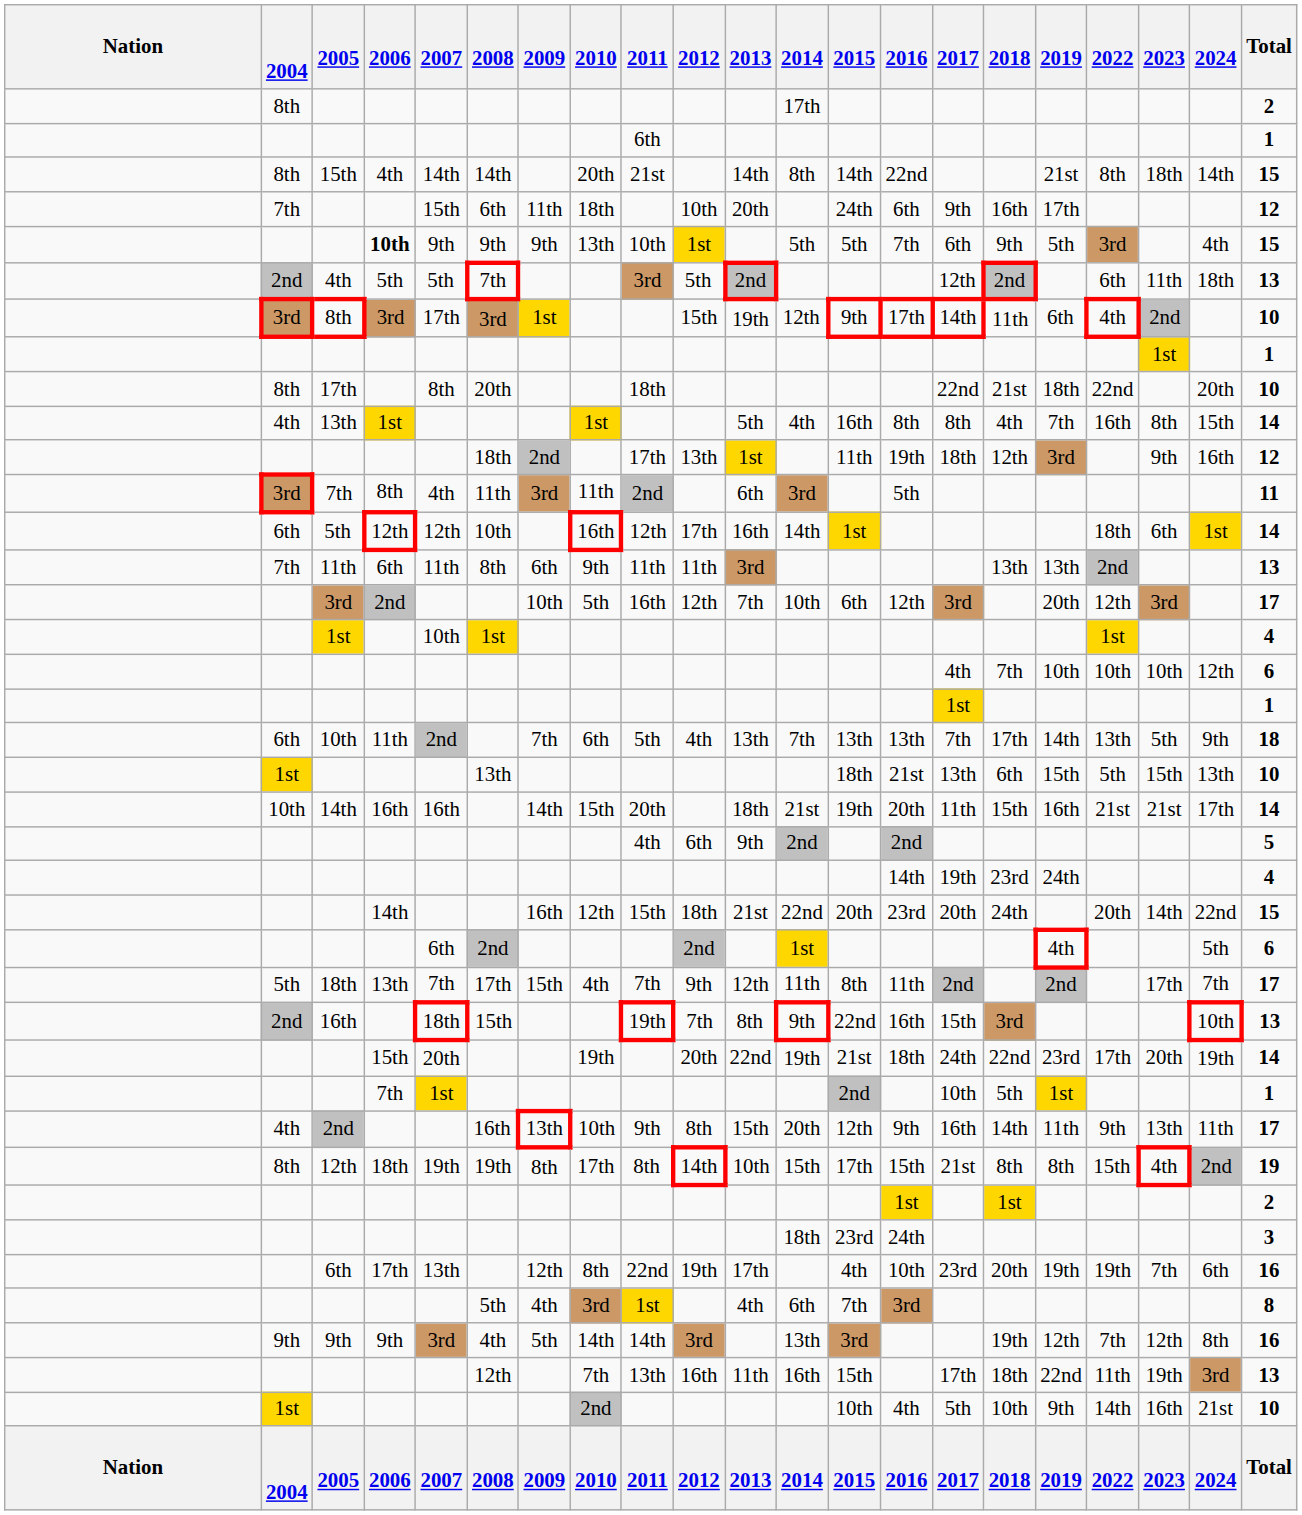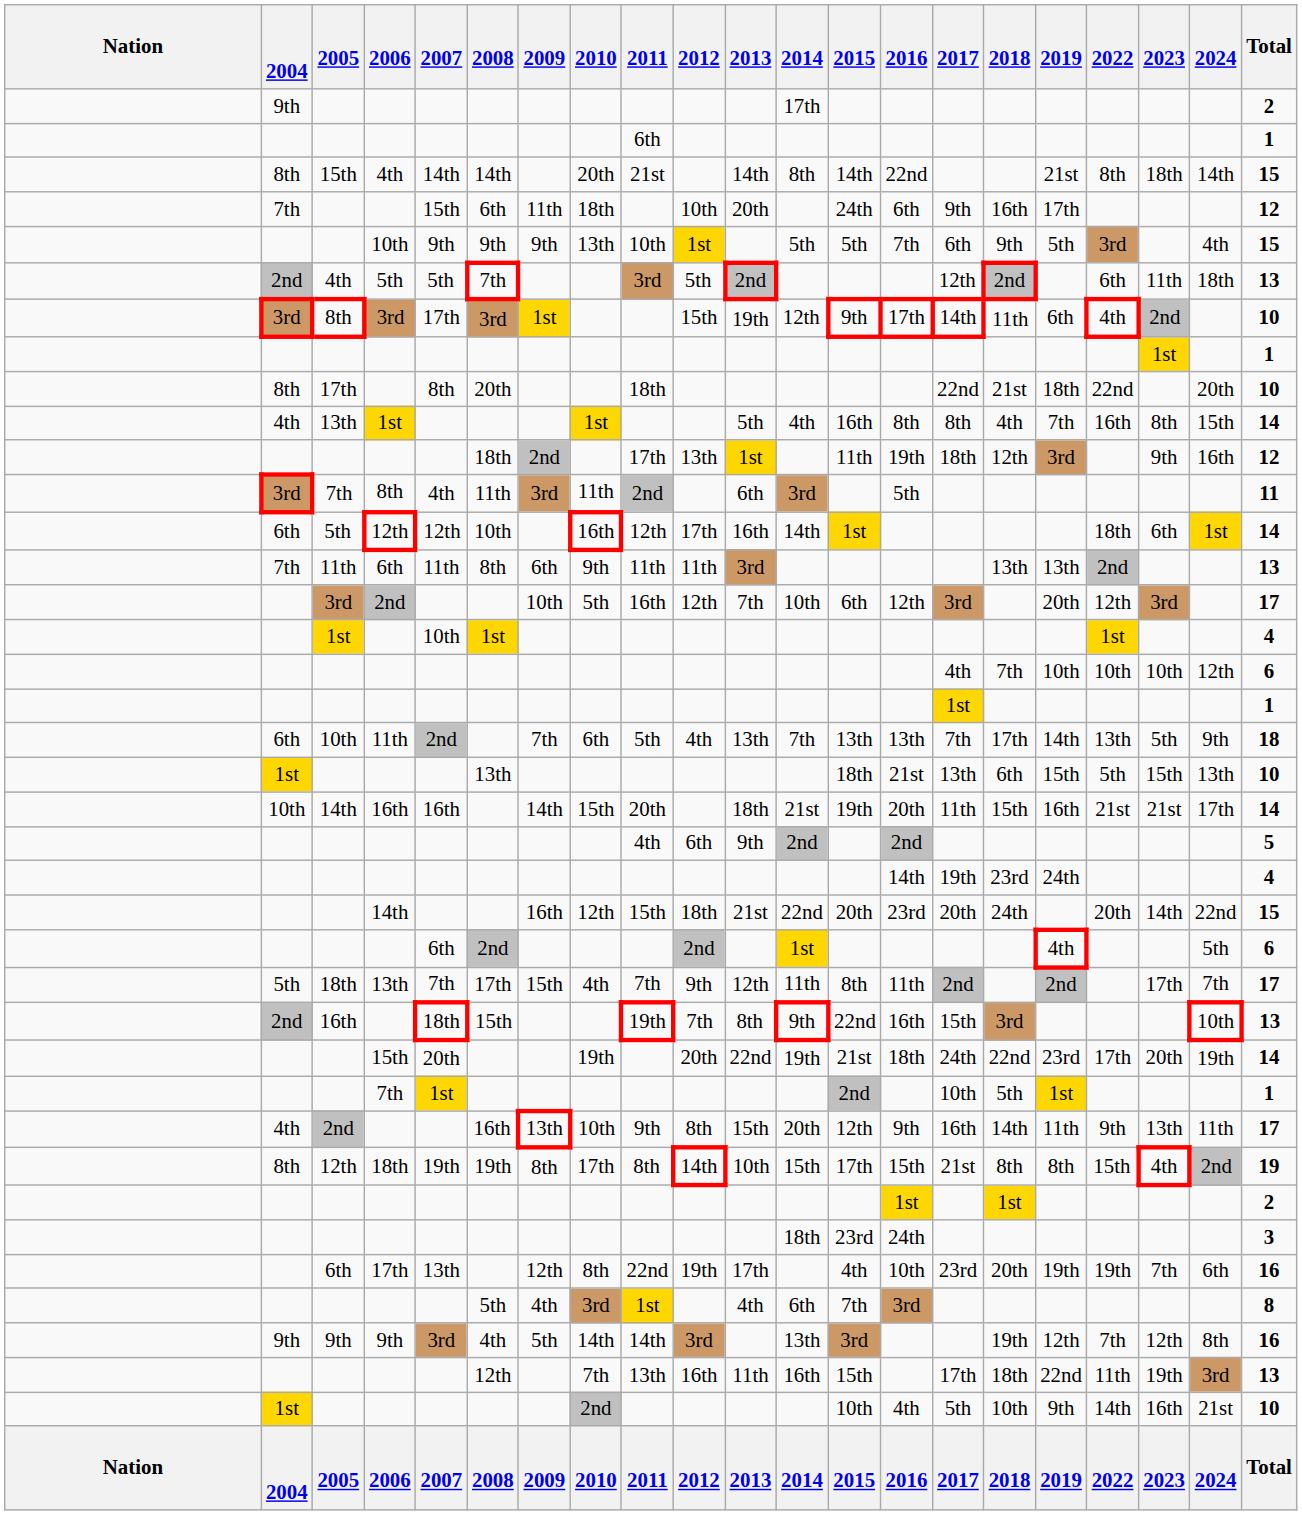 <table class="wikitable" style="text-align:center; font-size:90%">
 <tr>
 <th width=170>Nation</th>
 <th><br><br><a href='#'>2004</a></th>
 <th><br><a href='#'>2005</a></th>
 <th><br><a href='#'>2006</a></th>
 <th><br><a href='#'>2007</a></th>
 <th><br><a href='#'>2008</a></th>
 <th><br><a href='#'>2009</a></th>
 <th><br><a href='#'>2010</a></th>
 <th><br><a href='#'>2011</a></th>
 <th><br><a href='#'>2012</a></th>
 <th><br><a href='#'>2013</a></th>
 <th><br><a href='#'>2014</a></th>
 <th><br><a href='#'>2015</a></th>
 <th><br><a href='#'>2016</a></th>
 <th><br><a href='#'>2017</a></th>
 <th><br><a href='#'>2018</a></th>
 <th><br><a href='#'>2019</a></th>
 <th><br><a href='#'>2022</a></th>
 <th><br><a href='#'>2023</a></th>
 <th><br><a href='#'>2024</a></th>
 <th>Total</th>
 </tr>
 <tr>
 <td align=left></td>
-<td>8th</td>
+<td>9th</td>
 <td></td>
 <td></td>
 <td></td>
 <td></td>
 <td></td>
 <td></td>
 <td></td>
 <td></td>
 <td></td>
 <td>17th</td>
 <td></td>
 <td></td>
 <td></td>
 <td></td>
 <td></td>
 <td></td>
 <td></td>
 <td></td>
 <td><strong>2</strong></td>
 </tr>
 <tr>
 <td align=left></td>
 <td></td>
 <td></td>
 <td></td>
 <td></td>
 <td></td>
 <td></td>
 <td></td>
 <td>6th</td>
 <td></td>
 <td></td>
 <td></td>
 <td></td>
 <td></td>
 <td></td>
 <td></td>
 <td></td>
 <td></td>
 <td></td>
 <td></td>
 <td><strong>1</strong></td>
 </tr>
 <tr>
 <td align=left></td>
 <td>8th</td>
 <td>15th</td>
 <td>4th</td>
 <td>14th</td>
 <td>14th</td>
 <td></td>
 <td>20th</td>
 <td>21st</td>
 <td></td>
 <td>14th</td>
 <td>8th</td>
 <td>14th</td>
 <td>22nd</td>
 <td></td>
 <td></td>
 <td>21st</td>
 <td>8th</td>
 <td>18th</td>
 <td>14th</td>
 <td><strong>15</strong></td>
 </tr>
 <tr>
 <td align=left></td>
 <td>7th</td>
 <td></td>
 <td></td>
 <td>15th</td>
 <td>6th</td>
 <td>11th</td>
 <td>18th</td>
 <td></td>
 <td>10th</td>
 <td>20th</td>
 <td></td>
 <td>24th</td>
 <td>6th</td>
 <td>9th</td>
 <td>16th</td>
 <td>17th</td>
 <td></td>
 <td></td>
 <td></td>
 <td><strong>12</strong></td>
 </tr>
 <tr>
 <td align=left></td>
 <td></td>
 <td></td>
-<td><strong>10th</strong></td>
+<td>10th</td>
 <td>9th</td>
 <td>9th</td>
 <td>9th</td>
 <td>13th</td>
 <td>10th</td>
 <td bgcolor="gold">1st</td>
 <td></td>
 <td>5th</td>
 <td>5th</td>
 <td>7th</td>
 <td>6th</td>
 <td>9th</td>
 <td>5th</td>
 <td bgcolor="#cc9966">3rd</td>
 <td></td>
 <td>4th</td>
 <td><strong>15</strong></td>
 </tr>
 <tr>
 <td align=left></td>
 <td bgcolor="silver">2nd</td>
 <td>4th</td>
 <td>5th</td>
 <td>5th</td>
 <td style="border: 3px solid red">7th</td>
 <td></td>
 <td></td>
 <td bgcolor="#cc9966">3rd</td>
 <td>5th</td>
 <td style="border: 3px solid red" bgcolor="silver">2nd</td>
 <td></td>
 <td></td>
 <td></td>
 <td>12th</td>
 <td style="border: 3px solid red" bgcolor="silver">2nd</td>
 <td></td>
 <td>6th</td>
 <td>11th</td>
 <td>18th</td>
 <td><strong>13</strong></td>
 </tr>
 <tr>
 <td align=left></td>
 <td style="border: 3px solid red" bgcolor="#cc9966">3rd</td>
 <td style="border: 3px solid red">8th</td>
 <td bgcolor="#cc9966">3rd</td>
 <td>17th</td>
 <td bgcolor="#cc9966">3rd</td>
 <td bgcolor="gold">1st</td>
 <td></td>
 <td></td>
 <td>15th</td>
 <td>19th</td>
 <td>12th</td>
 <td style="border: 3px solid red">9th</td>
 <td style="border: 3px solid red">17th</td>
 <td style="border: 3px solid red">14th</td>
 <td>11th</td>
 <td>6th</td>
 <td style="border: 3px solid red">4th</td>
 <td bgcolor="silver">2nd</td>
 <td></td>
 <td><strong>10</strong></td>
 </tr>
 <tr>
 <td align=left></td>
 <td></td>
 <td></td>
 <td></td>
 <td></td>
 <td></td>
 <td></td>
 <td></td>
 <td></td>
 <td></td>
 <td></td>
 <td></td>
 <td></td>
 <td></td>
 <td></td>
 <td></td>
 <td></td>
 <td></td>
 <td bgcolor="gold">1st</td>
 <td></td>
 <td><strong>1</strong></td>
 </tr>
 <tr>
 <td align=left></td>
 <td>8th</td>
 <td>17th</td>
 <td></td>
 <td>8th</td>
 <td>20th</td>
 <td></td>
 <td></td>
 <td>18th</td>
 <td></td>
 <td></td>
 <td></td>
 <td></td>
 <td></td>
 <td>22nd</td>
 <td>21st</td>
 <td>18th</td>
 <td>22nd</td>
 <td></td>
 <td>20th</td>
 <td><strong>10</strong></td>
 </tr>
 <tr>
 <td align=left></td>
 <td>4th</td>
 <td>13th</td>
 <td bgcolor="gold">1st</td>
 <td></td>
 <td></td>
 <td></td>
 <td bgcolor="gold">1st</td>
 <td></td>
 <td></td>
 <td>5th</td>
 <td>4th</td>
 <td>16th</td>
 <td>8th</td>
 <td>8th</td>
 <td>4th</td>
 <td>7th</td>
 <td>16th</td>
 <td>8th</td>
 <td>15th</td>
 <td><strong>14</strong></td>
 </tr>
 <tr>
 <td align=left></td>
 <td></td>
 <td></td>
 <td></td>
 <td></td>
 <td>18th</td>
 <td bgcolor="silver">2nd</td>
 <td></td>
 <td>17th</td>
 <td>13th</td>
 <td bgcolor="gold">1st</td>
 <td></td>
 <td>11th</td>
 <td>19th</td>
 <td>18th</td>
 <td>12th</td>
 <td bgcolor="#cc9966">3rd</td>
 <td></td>
 <td>9th</td>
 <td>16th</td>
 <td><strong>12</strong></td>
 </tr>
 <tr>
 <td align=left></td>
 <td style="border: 3px solid red" bgcolor="#cc9966">3rd</td>
 <td>7th</td>
 <td>8th</td>
 <td>4th</td>
 <td>11th</td>
 <td bgcolor="#cc9966">3rd</td>
 <td>11th</td>
 <td bgcolor="silver">2nd</td>
 <td></td>
 <td>6th</td>
 <td bgcolor="#cc9966">3rd</td>
 <td></td>
 <td>5th</td>
 <td></td>
 <td></td>
 <td></td>
 <td></td>
 <td></td>
 <td></td>
 <td><strong>11</strong></td>
 </tr>
 <tr>
 <td align=left></td>
 <td>6th</td>
 <td>5th</td>
 <td style="border: 3px solid red">12th</td>
 <td>12th</td>
 <td>10th</td>
 <td></td>
 <td style="border: 3px solid red">16th</td>
 <td>12th</td>
 <td>17th</td>
 <td>16th</td>
 <td>14th</td>
 <td bgcolor="gold">1st</td>
 <td></td>
 <td></td>
 <td></td>
 <td></td>
 <td>18th</td>
 <td>6th</td>
 <td bgcolor="gold">1st</td>
 <td><strong>14</strong></td>
 </tr>
 <tr>
 <td align=left></td>
 <td>7th</td>
 <td>11th</td>
 <td>6th</td>
 <td>11th</td>
 <td>8th</td>
 <td>6th</td>
 <td>9th</td>
 <td>11th</td>
 <td>11th</td>
 <td bgcolor="#cc9966">3rd</td>
 <td></td>
 <td></td>
 <td></td>
 <td></td>
 <td>13th</td>
 <td>13th</td>
 <td bgcolor="silver">2nd</td>
 <td></td>
 <td></td>
 <td><strong>13</strong></td>
 </tr>
 <tr>
 <td align=left></td>
 <td></td>
 <td bgcolor="#cc9966">3rd</td>
 <td bgcolor="silver">2nd</td>
 <td></td>
 <td></td>
 <td>10th</td>
 <td>5th</td>
 <td>16th</td>
 <td>12th</td>
 <td>7th</td>
 <td>10th</td>
 <td>6th</td>
 <td>12th</td>
 <td bgcolor="#cc9966">3rd</td>
 <td></td>
 <td>20th</td>
 <td>12th</td>
 <td bgcolor="#cc9966">3rd</td>
 <td></td>
 <td><strong>17</strong></td>
 </tr>
 <tr>
 <td align=left></td>
 <td></td>
 <td bgcolor="gold">1st</td>
 <td></td>
 <td>10th</td>
 <td bgcolor="gold">1st</td>
 <td></td>
 <td></td>
 <td></td>
 <td></td>
 <td></td>
 <td></td>
 <td></td>
 <td></td>
 <td></td>
 <td></td>
 <td></td>
 <td bgcolor="gold">1st</td>
 <td></td>
 <td></td>
 <td><strong>4</strong></td>
 </tr>
 <tr>
 <td align=left></td>
 <td></td>
 <td></td>
 <td></td>
 <td></td>
 <td></td>
 <td></td>
 <td></td>
 <td></td>
 <td></td>
 <td></td>
 <td></td>
 <td></td>
 <td></td>
 <td>4th</td>
 <td>7th</td>
 <td>10th</td>
 <td>10th</td>
 <td>10th</td>
 <td>12th</td>
 <td><strong>6</strong></td>
 </tr>
 <tr>
 <td align=left></td>
 <td></td>
 <td></td>
 <td></td>
 <td></td>
 <td></td>
 <td></td>
 <td></td>
 <td></td>
 <td></td>
 <td></td>
 <td></td>
 <td></td>
 <td></td>
 <td bgcolor="gold">1st</td>
 <td></td>
 <td></td>
 <td></td>
 <td></td>
 <td></td>
 <td><strong>1</strong></td>
 </tr>
 <tr>
 <td align=left></td>
 <td>6th</td>
 <td>10th</td>
 <td>11th</td>
 <td bgcolor="silver">2nd</td>
 <td></td>
 <td>7th</td>
 <td>6th</td>
 <td>5th</td>
 <td>4th</td>
 <td>13th</td>
 <td>7th</td>
 <td>13th</td>
 <td>13th</td>
 <td>7th</td>
 <td>17th</td>
 <td>14th</td>
 <td>13th</td>
 <td>5th</td>
 <td>9th</td>
 <td><strong>18</strong></td>
 </tr>
 <tr>
 <td align=left></td>
 <td bgcolor="gold">1st</td>
 <td></td>
 <td></td>
 <td></td>
 <td>13th</td>
 <td></td>
 <td></td>
 <td></td>
 <td></td>
 <td></td>
 <td></td>
 <td>18th</td>
 <td>21st</td>
 <td>13th</td>
 <td>6th</td>
 <td>15th</td>
 <td>5th</td>
 <td>15th</td>
 <td>13th</td>
 <td><strong>10</strong></td>
 </tr>
 <tr>
 <td align=left></td>
 <td>10th</td>
 <td>14th</td>
 <td>16th</td>
 <td>16th</td>
 <td></td>
 <td>14th</td>
 <td>15th</td>
 <td>20th</td>
 <td></td>
 <td>18th</td>
 <td>21st</td>
 <td>19th</td>
 <td>20th</td>
 <td>11th</td>
 <td>15th</td>
 <td>16th</td>
 <td>21st</td>
 <td>21st</td>
 <td>17th</td>
 <td><strong>14</strong></td>
 </tr>
 <tr>
 <td align=left></td>
 <td></td>
 <td></td>
 <td></td>
 <td></td>
 <td></td>
 <td></td>
 <td></td>
 <td>4th</td>
 <td>6th</td>
 <td>9th</td>
 <td bgcolor="silver">2nd</td>
 <td></td>
 <td bgcolor="silver">2nd</td>
 <td></td>
 <td></td>
 <td></td>
 <td></td>
 <td></td>
 <td></td>
 <td><strong>5</strong></td>
 </tr>
 <tr>
 <td align=left></td>
 <td></td>
 <td></td>
 <td></td>
 <td></td>
 <td></td>
 <td></td>
 <td></td>
 <td></td>
 <td></td>
 <td></td>
 <td></td>
 <td></td>
 <td>14th</td>
 <td>19th</td>
 <td>23rd</td>
 <td>24th</td>
 <td></td>
 <td></td>
 <td></td>
 <td><strong>4</strong></td>
 </tr>
 <tr>
 <td align=left></td>
 <td></td>
 <td></td>
 <td>14th</td>
 <td></td>
 <td></td>
 <td>16th</td>
 <td>12th</td>
 <td>15th</td>
 <td>18th</td>
 <td>21st</td>
 <td>22nd</td>
 <td>20th</td>
 <td>23rd</td>
 <td>20th</td>
 <td>24th</td>
 <td></td>
 <td>20th</td>
 <td>14th</td>
 <td>22nd</td>
 <td><strong>15</strong></td>
 </tr>
 <tr>
 <td align=left></td>
 <td></td>
 <td></td>
 <td></td>
 <td>6th</td>
 <td bgcolor="silver">2nd</td>
 <td></td>
 <td></td>
 <td></td>
 <td bgcolor="silver">2nd</td>
 <td></td>
 <td bgcolor="gold">1st</td>
 <td></td>
 <td></td>
 <td></td>
 <td></td>
 <td style="border: 3px solid red">4th</td>
 <td></td>
 <td></td>
 <td>5th</td>
 <td><strong>6</strong></td>
 </tr>
 <tr>
 <td align=left></td>
 <td>5th</td>
 <td>18th</td>
 <td>13th</td>
 <td>7th</td>
 <td>17th</td>
 <td>15th</td>
 <td>4th</td>
 <td>7th</td>
 <td>9th</td>
 <td>12th</td>
 <td>11th</td>
 <td>8th</td>
 <td>11th</td>
 <td bgcolor="silver">2nd</td>
 <td></td>
 <td bgcolor="silver">2nd</td>
 <td></td>
 <td>17th</td>
 <td>7th</td>
 <td><strong>17</strong></td>
 </tr>
 <tr>
 <td align=left></td>
 <td bgcolor="silver">2nd</td>
 <td>16th</td>
 <td></td>
 <td style="border: 3px solid red">18th</td>
 <td>15th</td>
 <td></td>
 <td></td>
 <td style="border: 3px solid red">19th</td>
 <td>7th</td>
 <td>8th</td>
 <td style="border: 3px solid red">9th</td>
 <td>22nd</td>
 <td>16th</td>
 <td>15th</td>
 <td bgcolor="#cc9966">3rd</td>
 <td></td>
 <td></td>
 <td></td>
 <td style="border: 3px solid red">10th</td>
 <td><strong>13</strong></td>
 </tr>
 <tr>
 <td align=left></td>
 <td></td>
 <td></td>
 <td>15th</td>
 <td>20th</td>
 <td></td>
 <td></td>
 <td>19th</td>
 <td></td>
 <td>20th</td>
 <td>22nd</td>
 <td>19th</td>
 <td>21st</td>
 <td>18th</td>
 <td>24th</td>
 <td>22nd</td>
 <td>23rd</td>
 <td>17th</td>
 <td>20th</td>
 <td>19th</td>
 <td><strong>14</strong></td>
 </tr>
 <tr>
 <td align=left></td>
 <td></td>
 <td></td>
 <td>7th</td>
 <td bgcolor="gold">1st</td>
 <td></td>
 <td></td>
 <td></td>
 <td></td>
 <td></td>
 <td></td>
 <td></td>
 <td bgcolor="silver">2nd</td>
 <td></td>
 <td>10th</td>
 <td>5th</td>
 <td bgcolor="gold">1st</td>
 <td></td>
 <td></td>
 <td></td>
 <td><strong>1</strong></td>
 </tr>
 <tr>
 <td align=left></td>
 <td>4th</td>
 <td bgcolor="silver">2nd</td>
 <td></td>
 <td></td>
 <td>16th</td>
 <td style="border: 3px solid red">13th</td>
 <td>10th</td>
 <td>9th</td>
 <td>8th</td>
 <td>15th</td>
 <td>20th</td>
 <td>12th</td>
 <td>9th</td>
 <td>16th</td>
 <td>14th</td>
 <td>11th</td>
 <td>9th</td>
 <td>13th</td>
 <td>11th</td>
 <td><strong>17</strong></td>
 </tr>
 <tr>
 <td align=left></td>
 <td>8th</td>
 <td>12th</td>
 <td>18th</td>
 <td>19th</td>
 <td>19th</td>
 <td>8th</td>
 <td>17th</td>
 <td>8th</td>
 <td style="border: 3px solid red">14th</td>
 <td>10th</td>
 <td>15th</td>
 <td>17th</td>
 <td>15th</td>
 <td>21st</td>
 <td>8th</td>
 <td>8th</td>
 <td>15th</td>
 <td style="border: 3px solid red">4th</td>
 <td bgcolor="silver">2nd</td>
 <td><strong>19</strong></td>
 </tr>
 <tr>
 <td align=left></td>
 <td></td>
 <td></td>
 <td></td>
 <td></td>
 <td></td>
 <td></td>
 <td></td>
 <td></td>
 <td></td>
 <td></td>
 <td></td>
 <td></td>
 <td bgcolor="gold">1st</td>
 <td></td>
 <td bgcolor="gold">1st</td>
 <td></td>
 <td></td>
 <td></td>
 <td></td>
 <td><strong>2</strong></td>
 </tr>
 <tr>
 <td align=left></td>
 <td></td>
 <td></td>
 <td></td>
 <td></td>
 <td></td>
 <td></td>
 <td></td>
 <td></td>
 <td></td>
 <td></td>
 <td>18th</td>
 <td>23rd</td>
 <td>24th</td>
 <td></td>
 <td></td>
 <td></td>
 <td></td>
 <td></td>
 <td></td>
 <td><strong>3</strong></td>
 </tr>
 <tr>
 <td align=left></td>
 <td></td>
 <td>6th</td>
 <td>17th</td>
 <td>13th</td>
 <td></td>
 <td>12th</td>
 <td>8th</td>
 <td>22nd</td>
 <td>19th</td>
 <td>17th</td>
 <td></td>
 <td>4th</td>
 <td>10th</td>
 <td>23rd</td>
 <td>20th</td>
 <td>19th</td>
 <td>19th</td>
 <td>7th</td>
 <td>6th</td>
 <td><strong>16</strong></td>
 </tr>
 <tr>
 <td align=left></td>
 <td></td>
 <td></td>
 <td></td>
 <td></td>
 <td>5th</td>
 <td>4th</td>
 <td bgcolor="#cc9966">3rd</td>
 <td bgcolor="gold">1st</td>
 <td></td>
 <td>4th</td>
 <td>6th</td>
 <td>7th</td>
 <td bgcolor="#cc9966">3rd</td>
 <td></td>
 <td></td>
 <td></td>
 <td></td>
 <td></td>
 <td></td>
 <td><strong>8</strong></td>
 </tr>
 <tr>
 <td align=left></td>
 <td>9th</td>
 <td>9th</td>
 <td>9th</td>
 <td bgcolor="#cc9966">3rd</td>
 <td>4th</td>
 <td>5th</td>
 <td>14th</td>
 <td>14th</td>
 <td bgcolor="#cc9966">3rd</td>
 <td></td>
 <td>13th</td>
 <td bgcolor="#cc9966">3rd</td>
 <td></td>
 <td></td>
 <td>19th</td>
 <td>12th</td>
 <td>7th</td>
 <td>12th</td>
 <td>8th</td>
 <td><strong>16</strong></td>
 </tr>
 <tr>
 <td align=left></td>
 <td></td>
 <td></td>
 <td></td>
 <td></td>
 <td>12th</td>
 <td></td>
 <td>7th</td>
 <td>13th</td>
 <td>16th</td>
 <td>11th</td>
 <td>16th</td>
 <td>15th</td>
 <td></td>
 <td>17th</td>
 <td>18th</td>
 <td>22nd</td>
 <td>11th</td>
 <td>19th</td>
 <td bgcolor="#cc9966">3rd</td>
 <td><strong>13</strong></td>
 </tr>
 <tr>
 <td align=left></td>
 <td bgcolor="gold">1st</td>
 <td></td>
 <td></td>
 <td></td>
 <td></td>
 <td></td>
 <td bgcolor="silver">2nd</td>
 <td></td>
 <td></td>
 <td></td>
 <td></td>
 <td>10th</td>
 <td>4th</td>
 <td>5th</td>
 <td>10th</td>
 <td>9th</td>
 <td>14th</td>
 <td>16th</td>
 <td>21st</td>
 <td><strong>10</strong></td>
 </tr>
 <tr>
 <th width=170>Nation</th>
 <th><br><br><a href='#'>2004</a></th>
 <th><br><a href='#'>2005</a></th>
 <th><br><a href='#'>2006</a></th>
 <th><br><a href='#'>2007</a></th>
 <th><br><a href='#'>2008</a></th>
 <th><br><a href='#'>2009</a></th>
 <th><br><a href='#'>2010</a></th>
 <th><br><a href='#'>2011</a></th>
 <th><br><a href='#'>2012</a></th>
 <th><br><a href='#'>2013</a></th>
 <th><br><a href='#'>2014</a></th>
 <th><br><a href='#'>2015</a></th>
 <th><br><a href='#'>2016</a></th>
 <th><br><a href='#'>2017</a></th>
 <th><br><a href='#'>2018</a></th>
 <th><br><a href='#'>2019</a></th>
 <th><br><a href='#'>2022</a></th>
 <th><br><a href='#'>2023</a></th>
 <th><br><a href='#'>2024</a></th>
 <th>Total</th>
 </tr>
 </table>
